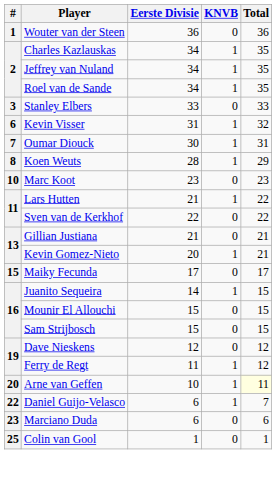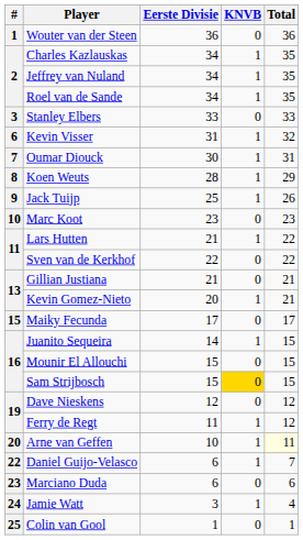 <table class="wikitable" style="text-align:right;">
 <tr>
 <th>#</th>
 <th>Player</th>
 <th><a href='#'>Eerste Divisie</a></th>
 <th><a href='#'>KNVB</a></th>
 <th>Total</th>
 </tr>
 <tr>
 <th align=center>1</th>
 <td align=left> <a href='#'>Wouter van der Steen</a></td>
 <td>36</td>
 <td>0</td>
 <td>36</td>
 </tr>
 <tr>
 <th rowspan=3 align=center>2</th>
 <td align=left> <a href='#'>Charles Kazlauskas</a></td>
 <td>34</td>
 <td>1</td>
 <td>35</td>
 </tr>
 <tr>
 <td align=left> <a href='#'>Jeffrey van Nuland</a></td>
 <td>34</td>
 <td>1</td>
 <td>35</td>
 </tr>
 <tr>
 <td align=left> <a href='#'>Roel van de Sande</a></td>
 <td>34</td>
 <td>1</td>
 <td>35</td>
 </tr>
 <tr>
 <th align=center>3</th>
 <td align=left> <a href='#'>Stanley Elbers</a></td>
 <td>33</td>
 <td>0</td>
 <td>33</td>
 </tr>
 <tr>
 <th align=center>6</th>
 <td align=left> <a href='#'>Kevin Visser</a></td>
 <td>31</td>
 <td>1</td>
 <td>32</td>
 </tr>
 <tr>
 <th align=center>7</th>
 <td align=left> <a href='#'>Oumar Diouck</a></td>
 <td>30</td>
 <td>1</td>
 <td>31</td>
 </tr>
 <tr>
 <th align=center>8</th>
 <td align=left> <a href='#'>Koen Weuts</a></td>
 <td>28</td>
 <td>1</td>
 <td>29</td>
 </tr>
 <tr>
+<th align=center>9</th>
+<td align=left> <a href='#'>Jack Tuijp</a></td>
+<td>25</td>
+<td>1</td>
+<td>26</td>
+</tr>
+<tr>
 <th align=center>10</th>
 <td align=left> <a href='#'>Marc Koot</a></td>
 <td>23</td>
 <td>0</td>
 <td>23</td>
 </tr>
 <tr>
 <th rowspan=2 align=center>11</th>
 <td align=left> <a href='#'>Lars Hutten</a></td>
 <td>21</td>
 <td>1</td>
 <td>22</td>
 </tr>
 <tr>
 <td align=left> <a href='#'>Sven van de Kerkhof</a></td>
 <td>22</td>
 <td>0</td>
 <td>22</td>
 </tr>
 <tr>
 <th rowspan=2 align=center>13</th>
 <td align=left> <a href='#'>Gillian Justiana</a></td>
 <td>21</td>
 <td>0</td>
 <td>21</td>
 </tr>
 <tr>
 <td align=left> <a href='#'>Kevin Gomez-Nieto</a></td>
 <td>20</td>
 <td>1</td>
 <td>21</td>
 </tr>
 <tr>
 <th align=center>15</th>
 <td align=left> <a href='#'>Maiky Fecunda</a></td>
 <td>17</td>
 <td>0</td>
 <td>17</td>
 </tr>
 <tr>
 <th rowspan=3 align=center>16</th>
 <td align=left> <a href='#'>Juanito Sequeira</a></td>
 <td>14</td>
 <td>1</td>
 <td>15</td>
 </tr>
 <tr>
 <td align=left> <a href='#'>Mounir El Allouchi</a></td>
 <td>15</td>
 <td>0</td>
 <td>15</td>
 </tr>
 <tr>
 <td align=left> <a href='#'>Sam Strijbosch</a></td>
 <td>15</td>
-<td>0</td>
+<td style="background: gold;">0</td>
 <td>15</td>
 </tr>
 <tr>
 <th rowspan=2 align=center>19</th>
 <td align=left> <a href='#'>Dave Nieskens</a></td>
 <td>12</td>
 <td>0</td>
 <td>12</td>
 </tr>
 <tr>
 <td align=left> <a href='#'>Ferry de Regt</a></td>
 <td>11</td>
 <td>1</td>
 <td>12</td>
 </tr>
 <tr>
 <th align=center>20</th>
 <td align=left> <a href='#'>Arne van Geffen</a></td>
 <td>10</td>
 <td>1</td>
 <td style="background: lightyellow;">11</td>
 </tr>
 <tr>
 <th align=center>22</th>
 <td align=left> <a href='#'>Daniel Guijo-Velasco</a></td>
 <td>6</td>
 <td>1</td>
 <td>7</td>
 </tr>
 <tr>
 <th align=center>23</th>
 <td align=left> <a href='#'>Marciano Duda</a></td>
 <td>6</td>
 <td>0</td>
 <td>6</td>
 </tr>
 <tr>
+<th align=center>24</th>
+<td align=left> <a href='#'>Jamie Watt</a></td>
+<td>3</td>
+<td>1</td>
+<td>4</td>
+</tr>
+<tr>
 <th align=center>25</th>
 <td align=left> <a href='#'>Colin van Gool</a></td>
 <td>1</td>
 <td>0</td>
 <td>1</td>
 </tr>
 </table>
